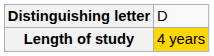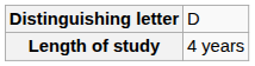 <table class="wikitable">
 <tr>
 <th>Distinguishing letter</th>
 <td>D</td>
 </tr>
 <tr>
 <th>Length of study</th>
-<td style="background: gold;">4 years</td>
+<td>4 years</td>
 </tr>
 </table>
